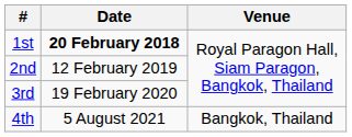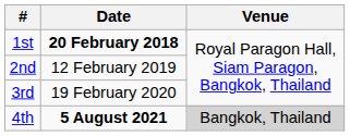 <table class="wikitable" style="width:55%;">
 <tr>
 <th>#</th>
 <th>Date</th>
 <th>Venue</th>
 </tr>
 <tr>
 <td style="text-align:center;"><a href='#'>1st</a></td>
 <td style="text-align:center;"><strong>20 February 2018</strong></td>
 <td style="text-align:center;" rowspan="3">Royal Paragon Hall,<br><a href='#'>Siam Paragon</a>,<br><a href='#'>Bangkok</a>, <a href='#'>Thailand</a></td>
 </tr>
 <tr>
 <td style="text-align:center;"><a href='#'>2nd</a></td>
 <td style="text-align:center;">12 February 2019</td>
 </tr>
 <tr>
 <td style="text-align:center;"><a href='#'>3rd</a></td>
 <td style="text-align:center;">19 February 2020</td>
 </tr>
 <tr>
 <td style="text-align:center;"><a href='#'>4th</a></td>
-<td style="text-align:center;">5 August 2021</td>
-<td style="text-align:center;">Bangkok, Thailand <em></em></td>
+<td style="text-align:center;"><strong>5 August 2021</strong></td>
+<td style="background: lightgrey; text-align:center;">Bangkok, Thailand <em></em></td>
 </tr>
 </table>
